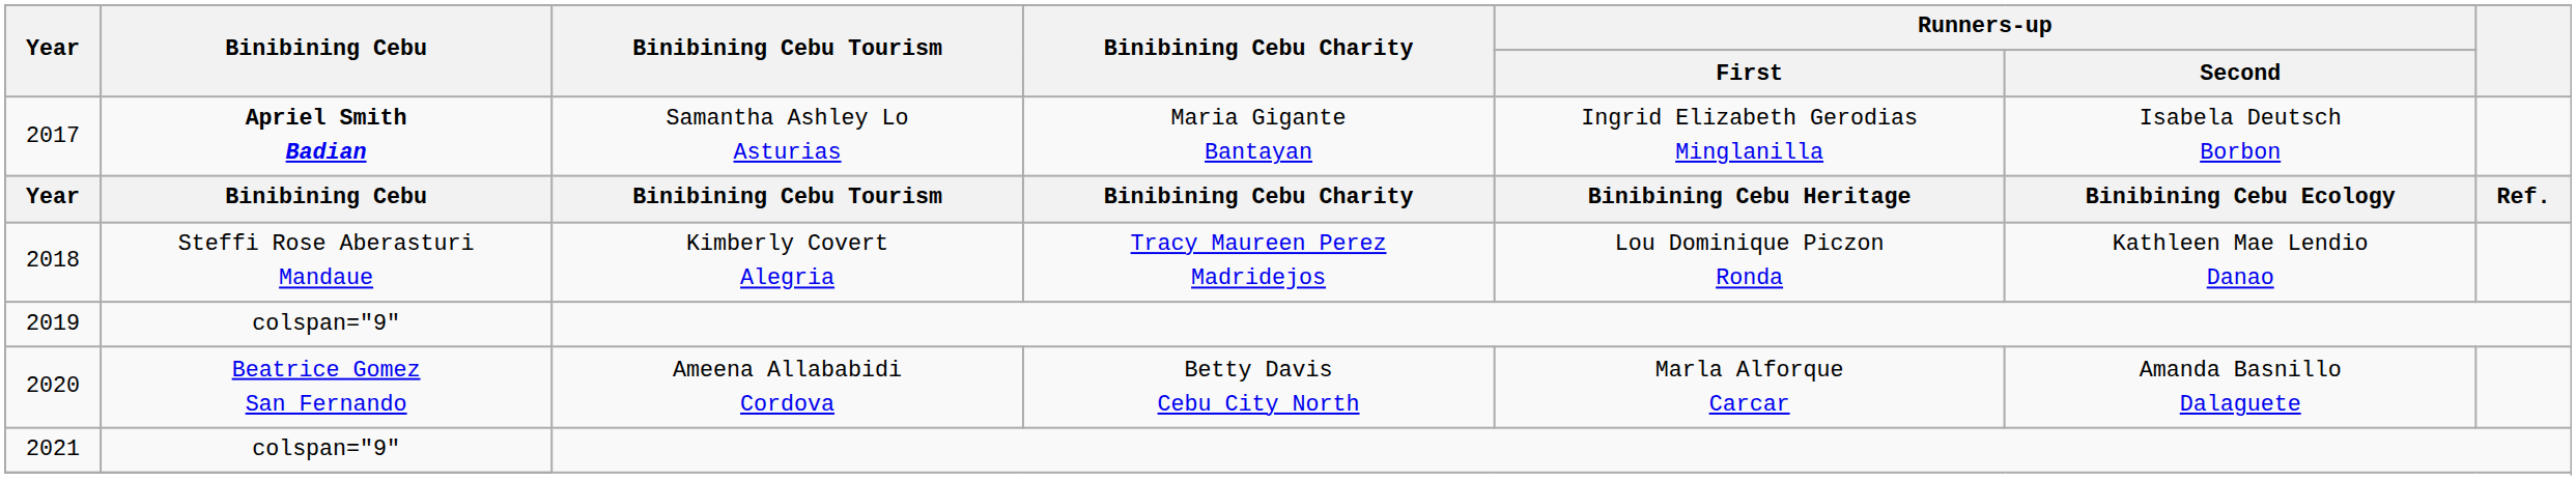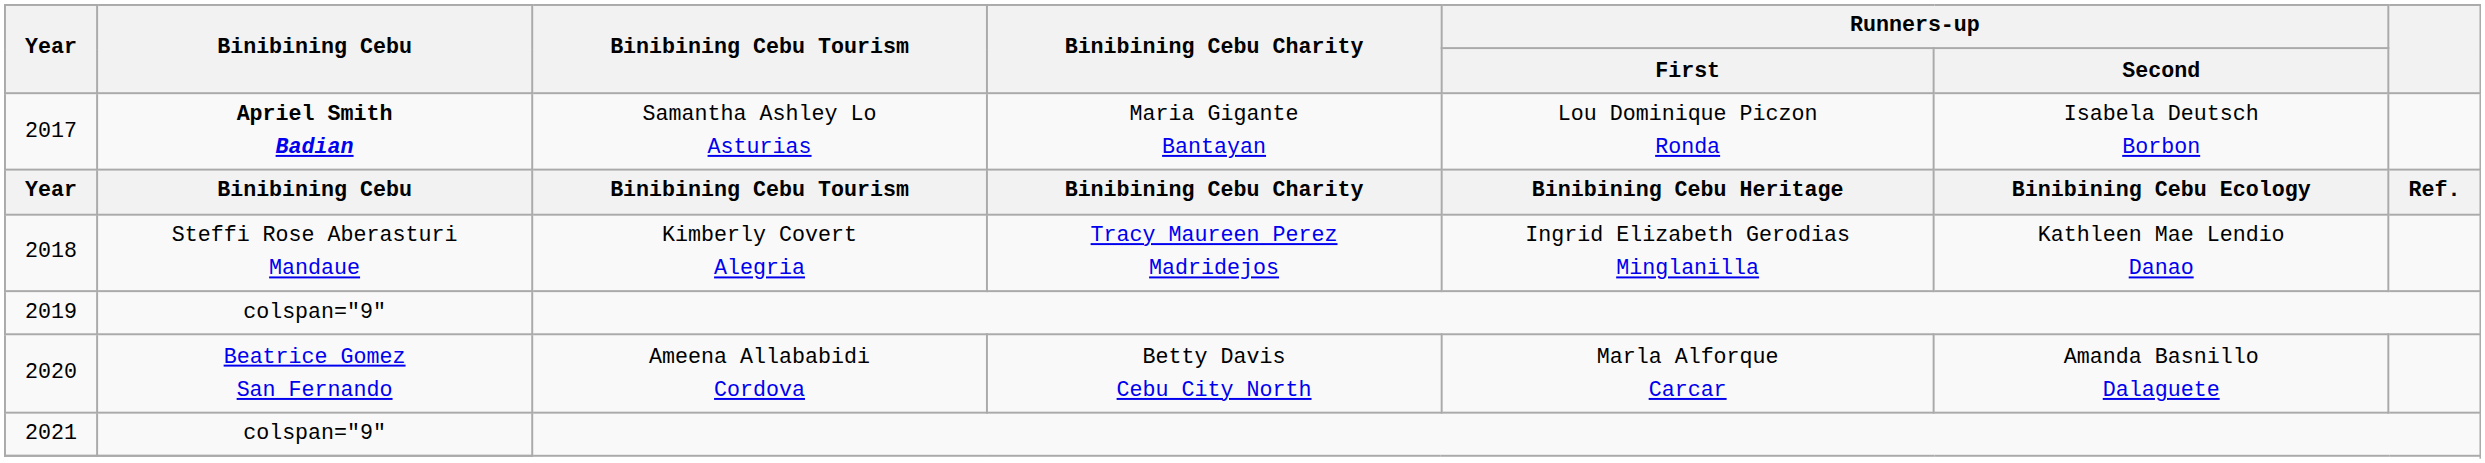 <table class="wikitable" style="text-align:center; font-size:85%; line-height:17px; width:100%;">
 <tr>
 <th rowspan="2">Year</th>
 <th rowspan="2">Binibining Cebu</th>
 <th rowspan="2">Binibining Cebu Tourism</th>
 <th rowspan="2">Binibining Cebu Charity</th>
 <th colspan="2">Runners-up</th>
 <th rowspan="2"></th>
 </tr>
 <tr>
 <th>First</th>
 <th>Second</th>
 </tr>
 <tr>
 <td>2017</td>
 <td><strong>Apriel Smith <br> <em><a href='#'>Badian</a><strong><em></td>
 <td>Samantha Ashley Lo <br> </em><a href='#'>Asturias</a><em></td>
 <td>Maria Gigante <br> </em><a href='#'>Bantayan</a><em></td>
-<td>Ingrid Elizabeth Gerodias <br> </em><a href='#'>Minglanilla</a><em></td>
+<td>Lou Dominique Piczon <br> </em><a href='#'>Ronda</a><em></td>
 <td>Isabela Deutsch <br> </em><a href='#'>Borbon</a><em></td>
 <td><br><br></td>
 </tr>
 <tr>
 <th>Year</th>
 <th>Binibining Cebu</th>
 <th>Binibining Cebu Tourism</th>
 <th>Binibining Cebu Charity</th>
 <th>Binibining Cebu Heritage</th>
 <th>Binibining Cebu Ecology</th>
 <th>Ref.</th>
 </tr>
 <tr>
 <td>2018</td>
 <td></strong>Steffi Rose Aberasturi<strong><br> </em></strong><a href='#'>Mandaue</a><strong><em></td>
 <td>Kimberly Covert <br> </em><a href='#'>Alegria</a><em></td>
 <td><a href='#'>Tracy Maureen Perez</a> <br> </em><a href='#'>Madridejos</a><em></td>
-<td>Lou Dominique Piczon <br> </em><a href='#'>Ronda</a><em></td>
+<td>Ingrid Elizabeth Gerodias <br> </em><a href='#'>Minglanilla</a><em></td>
 <td>Kathleen Mae Lendio <br> </em><a href='#'>Danao</a><em></td>
 <td><br><br></td>
 </tr>
 <tr>
 <td>2019</td>
 <td>colspan="9" </td>
 </tr>
 <tr>
 <td>2020</td>
 <td></strong><a href='#'>Beatrice Gomez</a><strong> <br> </em></strong><a href='#'>San Fernando</a><strong><em></td>
 <td>Ameena Allababidi <br> </em><a href='#'>Cordova</a><em></td>
 <td>Betty Davis <br> </em><a href='#'>Cebu City North</a><em></td>
 <td>Marla Alforque <br> </em><a href='#'>Carcar</a><em></td>
 <td>Amanda Basnillo <br> </em><a href='#'>Dalaguete</a><em></td>
 <td><br><br></td>
 </tr>
 <tr>
 <td>2021</td>
 <td>colspan="9" </td>
 </tr>
 <tr>
 </tr>
 </table>
